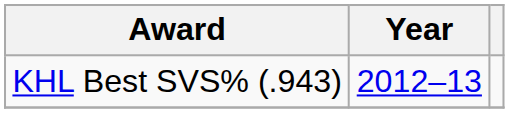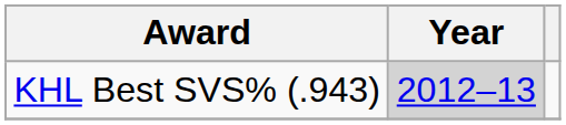 <table class="wikitable">
 <tr>
 <th>Award</th>
 <th>Year</th>
 <th></th>
 </tr>
 <tr>
 <td><a href='#'>KHL</a> Best SVS% (.943)</td>
-<td><a href='#'>2012–13</a></td>
+<td style="background: lightgrey;"><a href='#'>2012–13</a></td>
 <td></td>
 </tr>
 <tr>
 </tr>
 </table>
